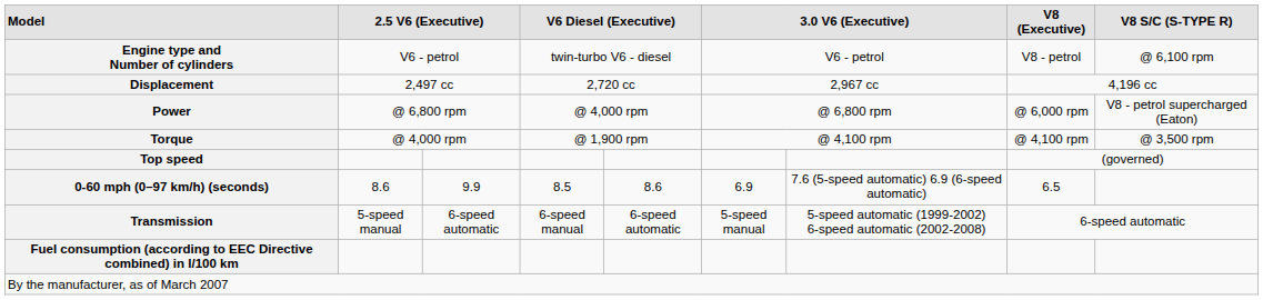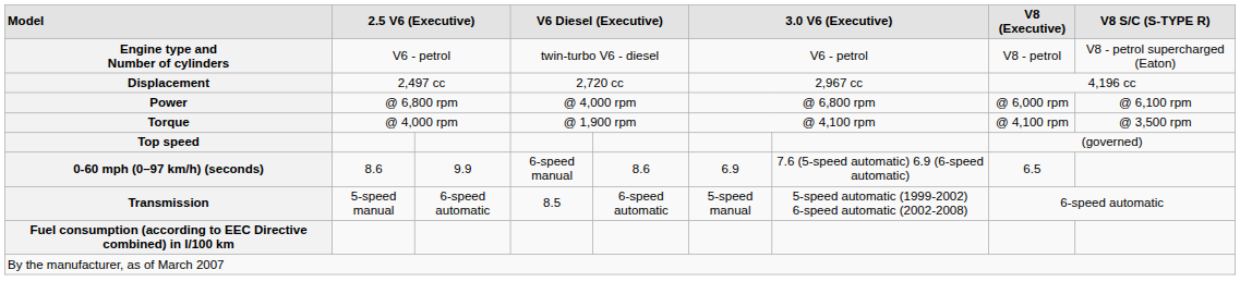 <table class="wikitable" style="text-align:center;">
 <tr>
 <th style="text-align:left; background:#e3e3e3;">Model</th>
 <th colspan="2" style= "background: #e3e3e3">2.5 V6 (Executive)</th>
 <th colspan="2" style= "background: #e3e3e3">V6 Diesel (Executive)</th>
 <th colspan="2" style= "background: #e3e3e3">3.0 V6 (Executive)</th>
 <th style= "background: #e3e3e3">V8 (Executive)</th>
 <th style= "background: #e3e3e3">V8 S/C (S-TYPE R)</th>
 </tr>
 <tr>
 <th align="left">Engine type and<br>Number of cylinders</th>
 <td colspan="2" style="text-align:center;">V6 - petrol</td>
 <td colspan="2" style="text-align:center;">twin-turbo V6 - diesel</td>
 <td colspan="2" style="text-align:center;">V6 - petrol</td>
 <td style="text-align:center;">V8 - petrol</td>
-<td style="text-align:center;"> @ 6,100 rpm</td>
+<td style="text-align:center;">V8 - petrol supercharged (Eaton)</td>
 </tr>
 <tr>
 <th align="left">Displacement</th>
 <td colspan="2" style="text-align:center;">2,497 cc</td>
 <td colspan="2" style="text-align:center;">2,720 cc</td>
 <td colspan="2" style="text-align:center;">2,967 cc</td>
 <td colspan="2" style="text-align:center;">4,196 cc</td>
 </tr>
 <tr>
 <th align="left">Power</th>
 <td colspan="2" style="text-align:center;"> @ 6,800 rpm</td>
 <td colspan="2" style="text-align:center;"> @ 4,000 rpm</td>
 <td colspan="2" style="text-align:center;"> @ 6,800 rpm</td>
 <td style="text-align:center;"> @ 6,000 rpm</td>
-<td style="text-align:center;">V8 - petrol supercharged (Eaton)</td>
+<td style="text-align:center;"> @ 6,100 rpm</td>
 </tr>
 <tr>
 <th align="left">Torque</th>
 <td colspan="2" style="text-align:center;"> @ 4,000 rpm</td>
 <td colspan="2" style="text-align:center;"> @ 1,900 rpm</td>
 <td colspan="2" style="text-align:center;"> @ 4,100 rpm</td>
 <td style="text-align:center;"> @ 4,100 rpm</td>
 <td style="text-align:center;"> @ 3,500 rpm</td>
 </tr>
 <tr>
 <th align="left">Top speed</th>
 <td style="text-align:center;"></td>
 <td style="text-align:center;"></td>
 <td style="text-align:center;"></td>
 <td style="text-align:center;"></td>
 <td style="text-align:center;"></td>
 <td style="text-align:center;"></td>
 <td colspan="2" style="text-align:center;"> (governed)</td>
 </tr>
 <tr>
 <th align="left">0-60 mph (0–97 km/h) (seconds)</th>
 <td style="text-align:center;">8.6</td>
 <td style="text-align:center;">9.9</td>
-<td style="text-align:center;">8.5</td>
+<td style="text-align:center;">6-speed manual</td>
 <td style="text-align:center;">8.6</td>
 <td style="text-align:center;">6.9</td>
 <td style="text-align:center;">7.6 (5-speed automatic) 6.9 (6-speed automatic)</td>
 <td style="text-align:center;">6.5</td>
 <td style="text-align:center;"></td>
 </tr>
 <tr>
 <th align="left">Transmission</th>
 <td style="text-align:center;">5-speed manual</td>
 <td style="text-align:center;">6-speed automatic</td>
-<td style="text-align:center;">6-speed manual</td>
+<td style="text-align:center;">8.5</td>
 <td style="text-align:center;">6-speed automatic</td>
 <td style="text-align:center;">5-speed manual</td>
 <td style="text-align:center;">5-speed automatic (1999-2002)<br>6-speed automatic (2002-2008)</td>
 <td colspan="2" style="text-align:center;">6-speed automatic</td>
 </tr>
 <tr>
 <th align="left">Fuel consumption (according to EEC Directive combined) in l/100 km</th>
 <td style="text-align:center;"></td>
 <td style="text-align:center;"></td>
 <td style="text-align:center;"></td>
 <td style="text-align:center;"></td>
 <td style="text-align:center;"></td>
 <td style="text-align:center;"></td>
 <td style="text-align:center;"></td>
 <td style="text-align:center;"></td>
 </tr>
 <tr>
 <td colspan="9" style="text-align:left;">By the manufacturer, as of March 2007</td>
 </tr>
 </table>
